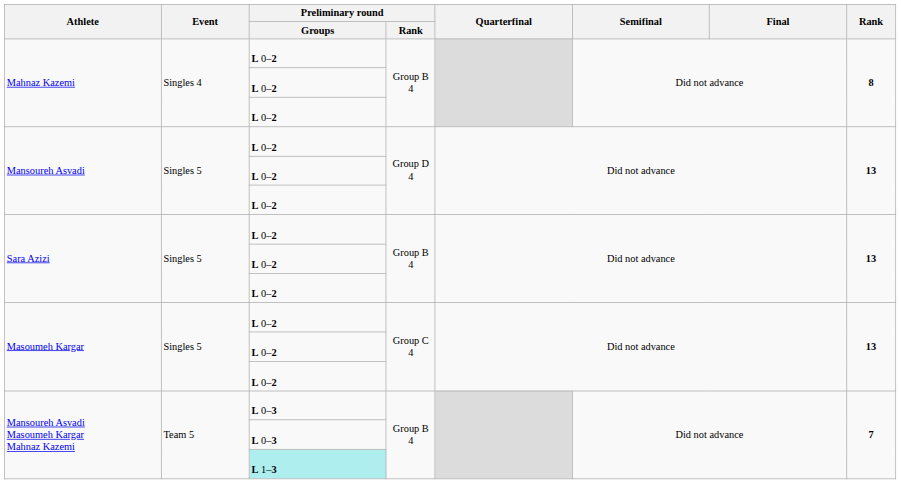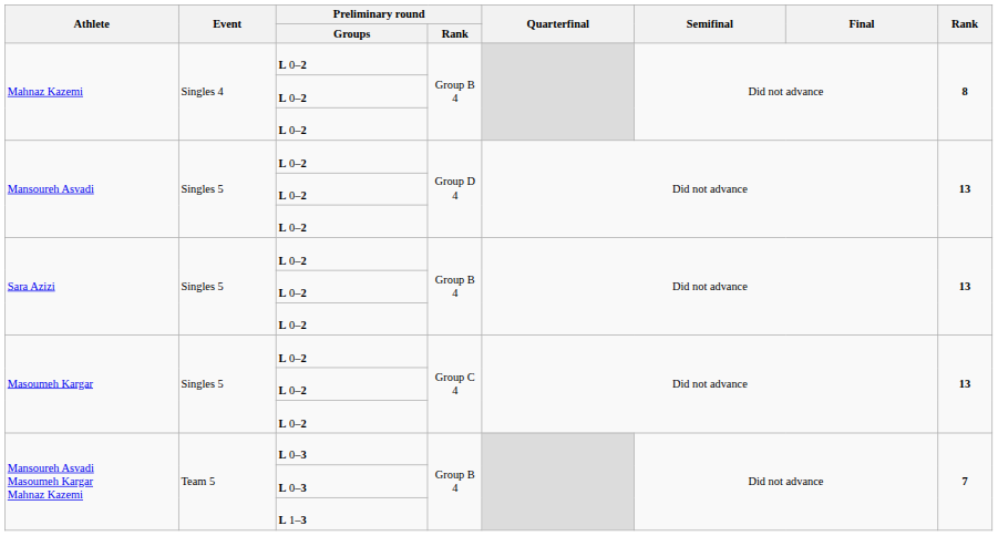 <table class="wikitable" width="98%" style="text-align:left; font-size:90%">
 <tr>
 <th rowspan="2" width="16%">Athlete</th>
 <th rowspan="2" width="9%">Event</th>
 <th colspan="2">Preliminary round</th>
 <th rowspan="2" width="14%">Quarterfinal</th>
 <th rowspan="2" width="14%">Semifinal</th>
 <th rowspan="2" width="14%">Final</th>
 <th rowspan="2" width="5%">Rank</th>
 </tr>
 <tr>
 <th width="14%">Groups</th>
 <th width="5%">Rank</th>
 </tr>
 <tr>
 <td rowspan="3"><a href='#'>Mahnaz Kazemi</a></td>
 <td rowspan="3">Singles 4</td>
 <td><br><strong>L</strong> 0–<strong>2</strong></td>
 <td rowspan="3" align=center>Group B<br>4</td>
 <td rowspan="3" bgcolor=#DCDCDC></td>
 <td colspan=2 rowspan="3" align=center>Did not advance</td>
 <td rowspan="3" align="center"><strong>8</strong></td>
 </tr>
 <tr>
 <td><br><strong>L</strong> 0–<strong>2</strong></td>
 </tr>
 <tr>
 <td><br><strong>L</strong> 0–<strong>2</strong></td>
 </tr>
 <tr>
 <td rowspan="3"><a href='#'>Mansoureh Asvadi</a></td>
 <td rowspan="3">Singles 5</td>
 <td><br><strong>L</strong> 0–<strong>2</strong></td>
 <td rowspan="3" align=center>Group D<br>4</td>
 <td colspan=3 rowspan="3" align=center>Did not advance</td>
 <td rowspan="3" align="center"><strong>13</strong></td>
 </tr>
 <tr>
 <td><br><strong>L</strong> 0–<strong>2</strong></td>
 </tr>
 <tr>
 <td><br><strong>L</strong> 0–<strong>2</strong></td>
 </tr>
 <tr>
 <td rowspan="3"><a href='#'>Sara Azizi</a></td>
 <td rowspan="3">Singles 5</td>
 <td><br><strong>L</strong> 0–<strong>2</strong></td>
 <td rowspan="3" align=center>Group B<br>4</td>
 <td colspan=3 rowspan="3" align=center>Did not advance</td>
 <td rowspan="3" align="center"><strong>13</strong></td>
 </tr>
 <tr>
 <td><br><strong>L</strong> 0–<strong>2</strong></td>
 </tr>
 <tr>
 <td><br><strong>L</strong> 0–<strong>2</strong></td>
 </tr>
 <tr>
 <td rowspan="3"><a href='#'>Masoumeh Kargar</a></td>
 <td rowspan="3">Singles 5</td>
 <td><br><strong>L</strong> 0–<strong>2</strong></td>
 <td rowspan="3" align=center>Group C<br>4</td>
 <td colspan=3 rowspan="3" align=center>Did not advance</td>
 <td rowspan="3" align="center"><strong>13</strong></td>
 </tr>
 <tr>
 <td><br><strong>L</strong> 0–<strong>2</strong></td>
 </tr>
 <tr>
 <td><br><strong>L</strong> 0–<strong>2</strong></td>
 </tr>
 <tr>
 <td rowspan="3"><a href='#'>Mansoureh Asvadi</a><br><a href='#'>Masoumeh Kargar</a><br><a href='#'>Mahnaz Kazemi</a></td>
 <td rowspan="3">Team 5</td>
 <td><br><strong>L</strong> 0–<strong>3</strong></td>
 <td rowspan="3" align=center>Group B<br>4</td>
 <td rowspan="3" bgcolor=#DCDCDC></td>
 <td colspan=2 rowspan="3" align=center>Did not advance</td>
 <td rowspan="3" align="center"><strong>7</strong></td>
 </tr>
 <tr>
 <td><br><strong>L</strong> 0–<strong>3</strong></td>
 </tr>
 <tr>
-<td style="background: paleturquoise;"><br><strong>L</strong> 1–<strong>3</strong></td>
+<td><br><strong>L</strong> 1–<strong>3</strong></td>
 </tr>
 </table>
